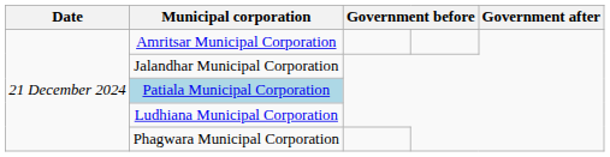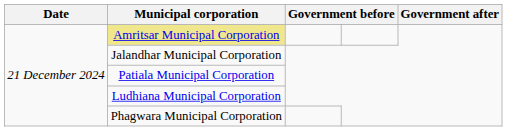 <table class="wikitable sortable"style="text-align:center;">
 <tr>
 <th>Date</th>
 <th>Municipal corporation</th>
 <th colspan="2">Government before</th>
 <th colspan="2">Government after</th>
 </tr>
 <tr>
 <td rowspan="5"><em>21 December 2024</em></td>
-<td><a href='#'>Amritsar Municipal Corporation</a></td>
+<td style="background: khaki;"><a href='#'>Amritsar Municipal Corporation</a></td>
 <td></td>
 <td></td>
 </tr>
 <tr>
 <td>Jalandhar Municipal Corporation</td>
 </tr>
 <tr>
-<td style="background: lightblue;"><a href='#'>Patiala Municipal Corporation</a></td>
+<td><a href='#'>Patiala Municipal Corporation</a></td>
 </tr>
 <tr>
 <td><a href='#'>Ludhiana Municipal Corporation</a></td>
 </tr>
 <tr>
 <td>Phagwara Municipal Corporation</td>
 <td></td>
 </tr>
 </table>
